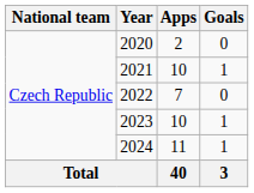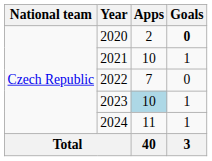 <table class="wikitable" style="text-align:center">
 <tr>
 <th>National team</th>
 <th>Year</th>
 <th>Apps</th>
 <th>Goals</th>
 </tr>
 <tr>
 <td rowspan="5"><a href='#'>Czech Republic</a></td>
 <td>2020</td>
 <td>2</td>
-<td>0</td>
+<td><strong>0</strong></td>
 </tr>
 <tr>
 <td>2021</td>
 <td>10</td>
 <td>1</td>
 </tr>
 <tr>
 <td>2022</td>
 <td>7</td>
 <td>0</td>
 </tr>
 <tr>
 <td>2023</td>
-<td>10</td>
+<td style="background: lightblue;">10</td>
 <td>1</td>
 </tr>
 <tr>
 <td>2024</td>
 <td>11</td>
 <td>1</td>
 </tr>
 <tr>
 <th colspan="2">Total</th>
 <th>40</th>
 <th>3</th>
 </tr>
 </table>
